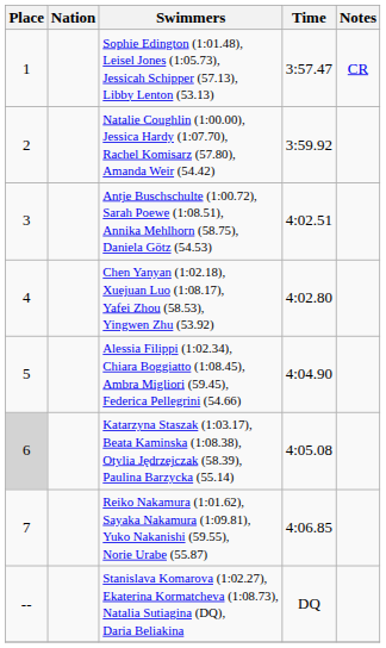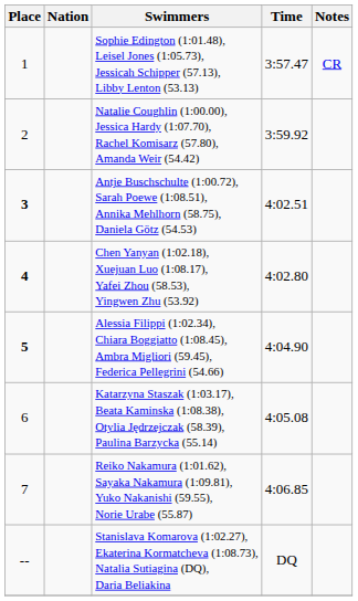 <table class="wikitable sortable" style="text-align:center">
 <tr>
 <th>Place</th>
 <th>Nation</th>
 <th>Swimmers</th>
 <th>Time</th>
 <th>Notes</th>
 </tr>
 <tr>
 <td>1</td>
 <td align=left></td>
 <td align=left><small> <a href='#'>Sophie Edington</a> (1:01.48),<br> <a href='#'>Leisel Jones</a> (1:05.73),<br> <a href='#'>Jessicah Schipper</a> (57.13),<br> <a href='#'>Libby Lenton</a> (53.13) </small></td>
 <td>3:57.47</td>
 <td><a href='#'>CR</a></td>
 </tr>
 <tr>
 <td>2</td>
 <td align=left></td>
 <td align=left><small> <a href='#'>Natalie Coughlin</a> (1:00.00),<br> <a href='#'>Jessica Hardy</a> (1:07.70),<br> <a href='#'>Rachel Komisarz</a> (57.80),<br> <a href='#'>Amanda Weir</a> (54.42) </small></td>
 <td>3:59.92</td>
 <td></td>
 </tr>
 <tr>
-<td>3</td>
+<td><strong>3</strong></td>
 <td align=left></td>
 <td align=left><small> <a href='#'>Antje Buschschulte</a> (1:00.72),<br> <a href='#'>Sarah Poewe</a> (1:08.51),<br> <a href='#'>Annika Mehlhorn</a> (58.75),<br> <a href='#'>Daniela Götz</a> (54.53) </small></td>
 <td>4:02.51</td>
 <td></td>
 </tr>
 <tr>
-<td>4</td>
+<td><strong>4</strong></td>
 <td align=left></td>
 <td align=left><small> <a href='#'>Chen Yanyan</a> (1:02.18),<br> <a href='#'>Xuejuan Luo</a> (1:08.17),<br> <a href='#'>Yafei Zhou</a> (58.53),<br> <a href='#'>Yingwen Zhu</a> (53.92) </small></td>
 <td>4:02.80</td>
 <td></td>
 </tr>
 <tr>
-<td>5</td>
+<td><strong>5</strong></td>
 <td align=left></td>
 <td align=left><small> <a href='#'>Alessia Filippi</a> (1:02.34),<br> <a href='#'>Chiara Boggiatto</a> (1:08.45),<br> <a href='#'>Ambra Migliori</a> (59.45),<br> <a href='#'>Federica Pellegrini</a> (54.66) </small></td>
 <td>4:04.90</td>
 <td></td>
 </tr>
 <tr>
-<td style="background: lightgrey;">6</td>
+<td>6</td>
 <td align=left></td>
 <td align=left><small> <a href='#'>Katarzyna Staszak</a> (1:03.17),<br> <a href='#'>Beata Kaminska</a> (1:08.38),<br> <a href='#'>Otylia Jędrzejczak</a> (58.39),<br> <a href='#'>Paulina Barzycka</a> (55.14) </small></td>
 <td>4:05.08</td>
 <td></td>
 </tr>
 <tr>
 <td>7</td>
 <td align=left></td>
 <td align=left><small> <a href='#'>Reiko Nakamura</a> (1:01.62),<br> <a href='#'>Sayaka Nakamura</a> (1:09.81),<br> <a href='#'>Yuko Nakanishi</a> (59.55),<br> <a href='#'>Norie Urabe</a> (55.87) </small></td>
 <td>4:06.85</td>
 <td></td>
 </tr>
 <tr>
 <td>--</td>
 <td align=left></td>
 <td align=left><small> <a href='#'>Stanislava Komarova</a> (1:02.27),<br> <a href='#'>Ekaterina Kormatcheva</a> (1:08.73),<br> <a href='#'>Natalia Sutiagina</a> (DQ),<br> <a href='#'>Daria Beliakina</a> </small></td>
 <td>DQ</td>
 <td></td>
 </tr>
 <tr>
 </tr>
 </table>
